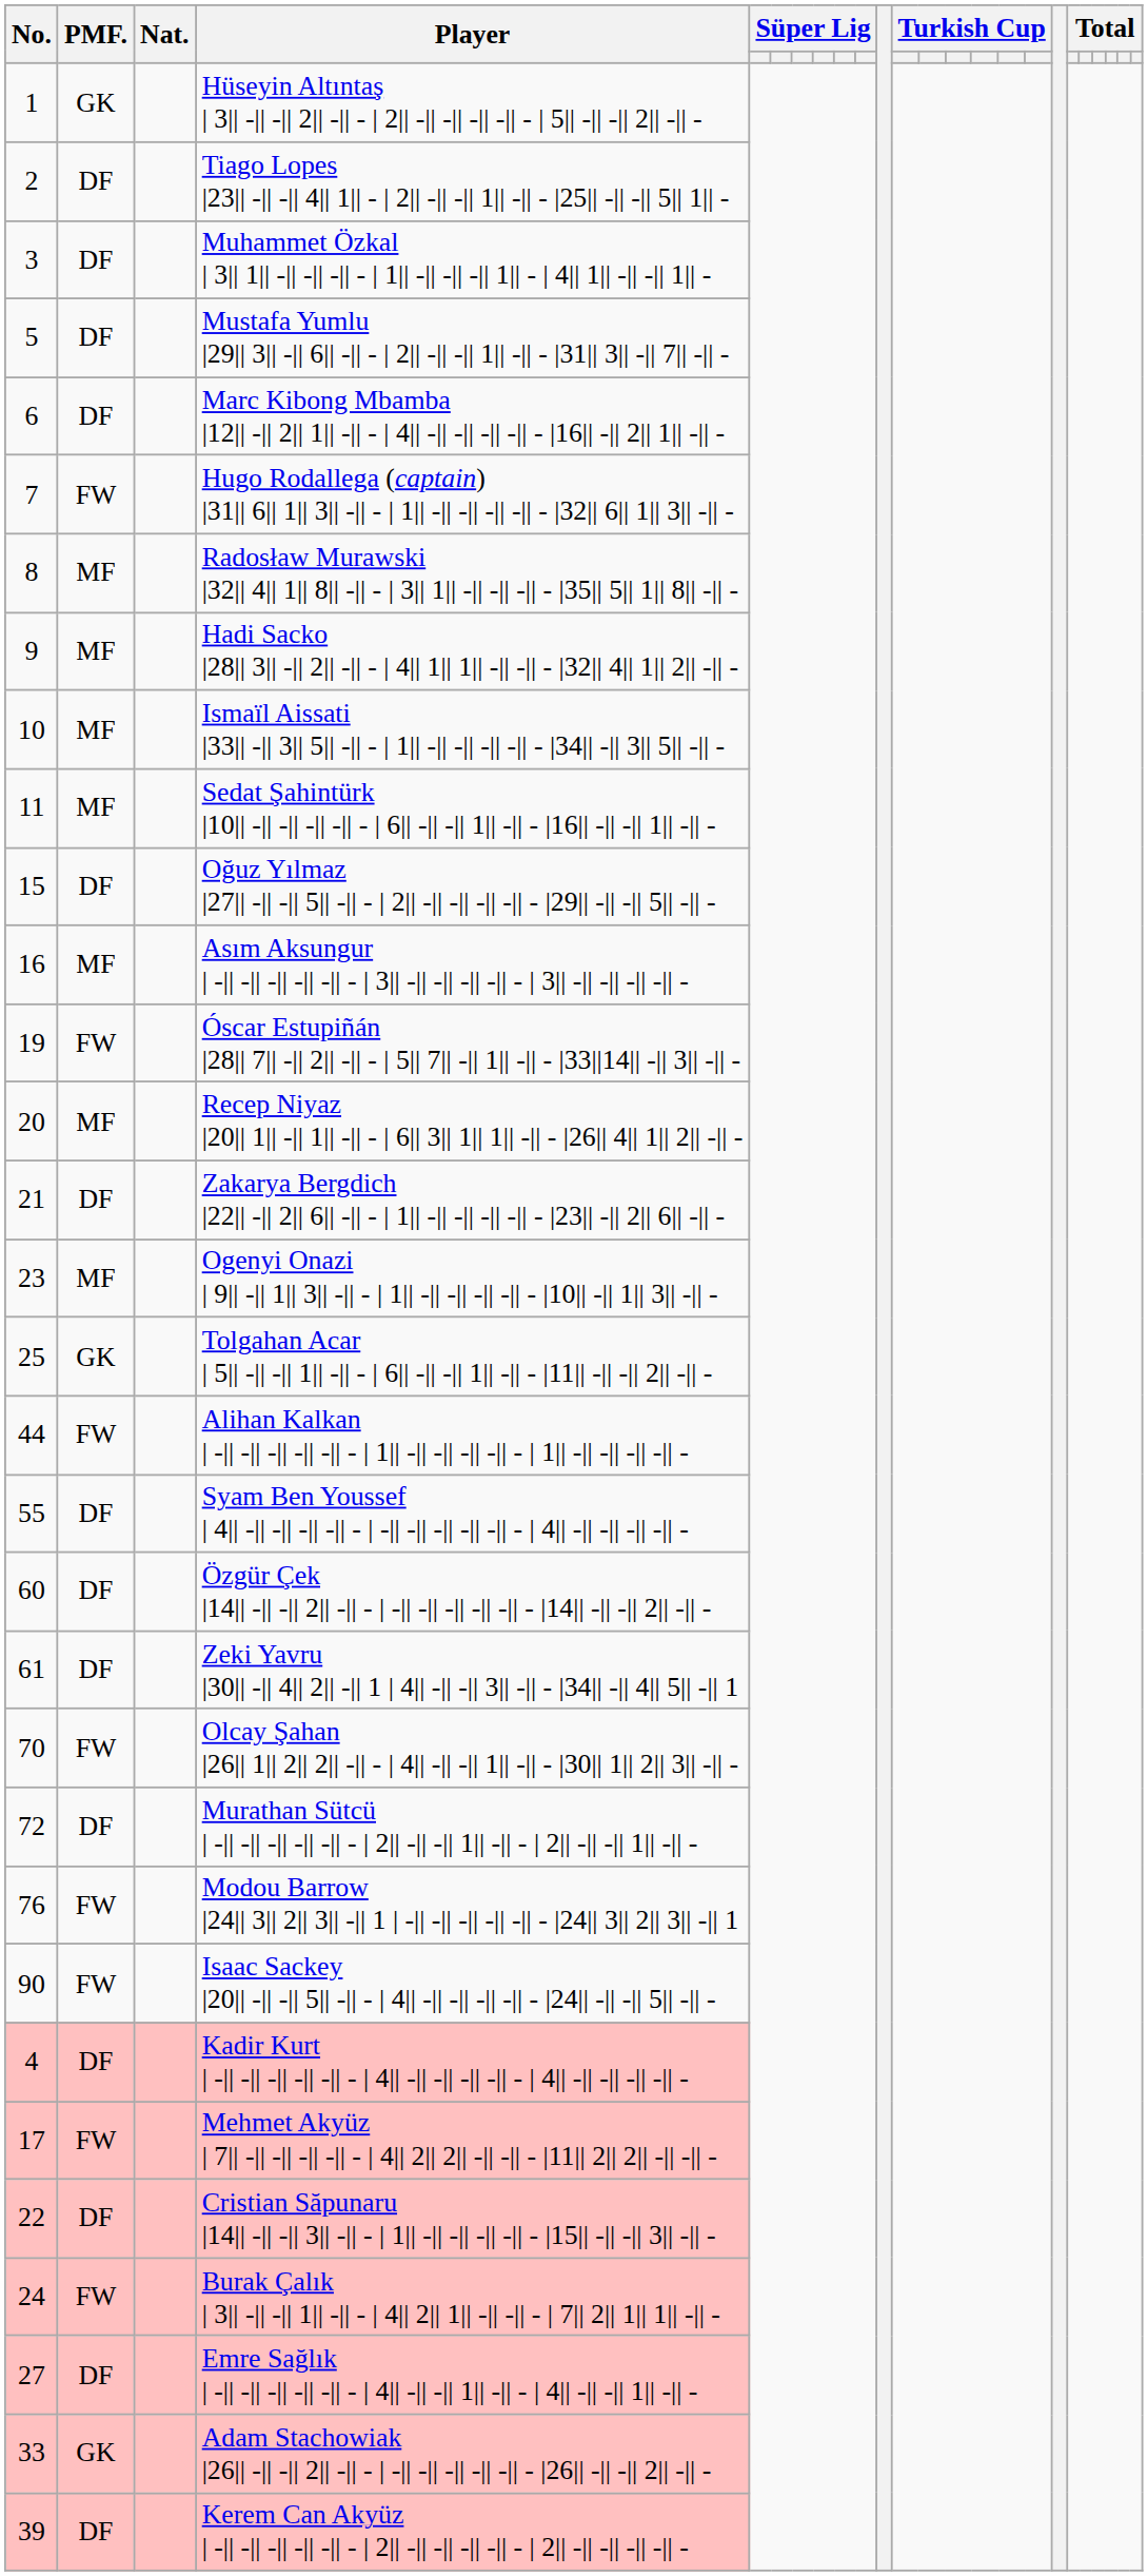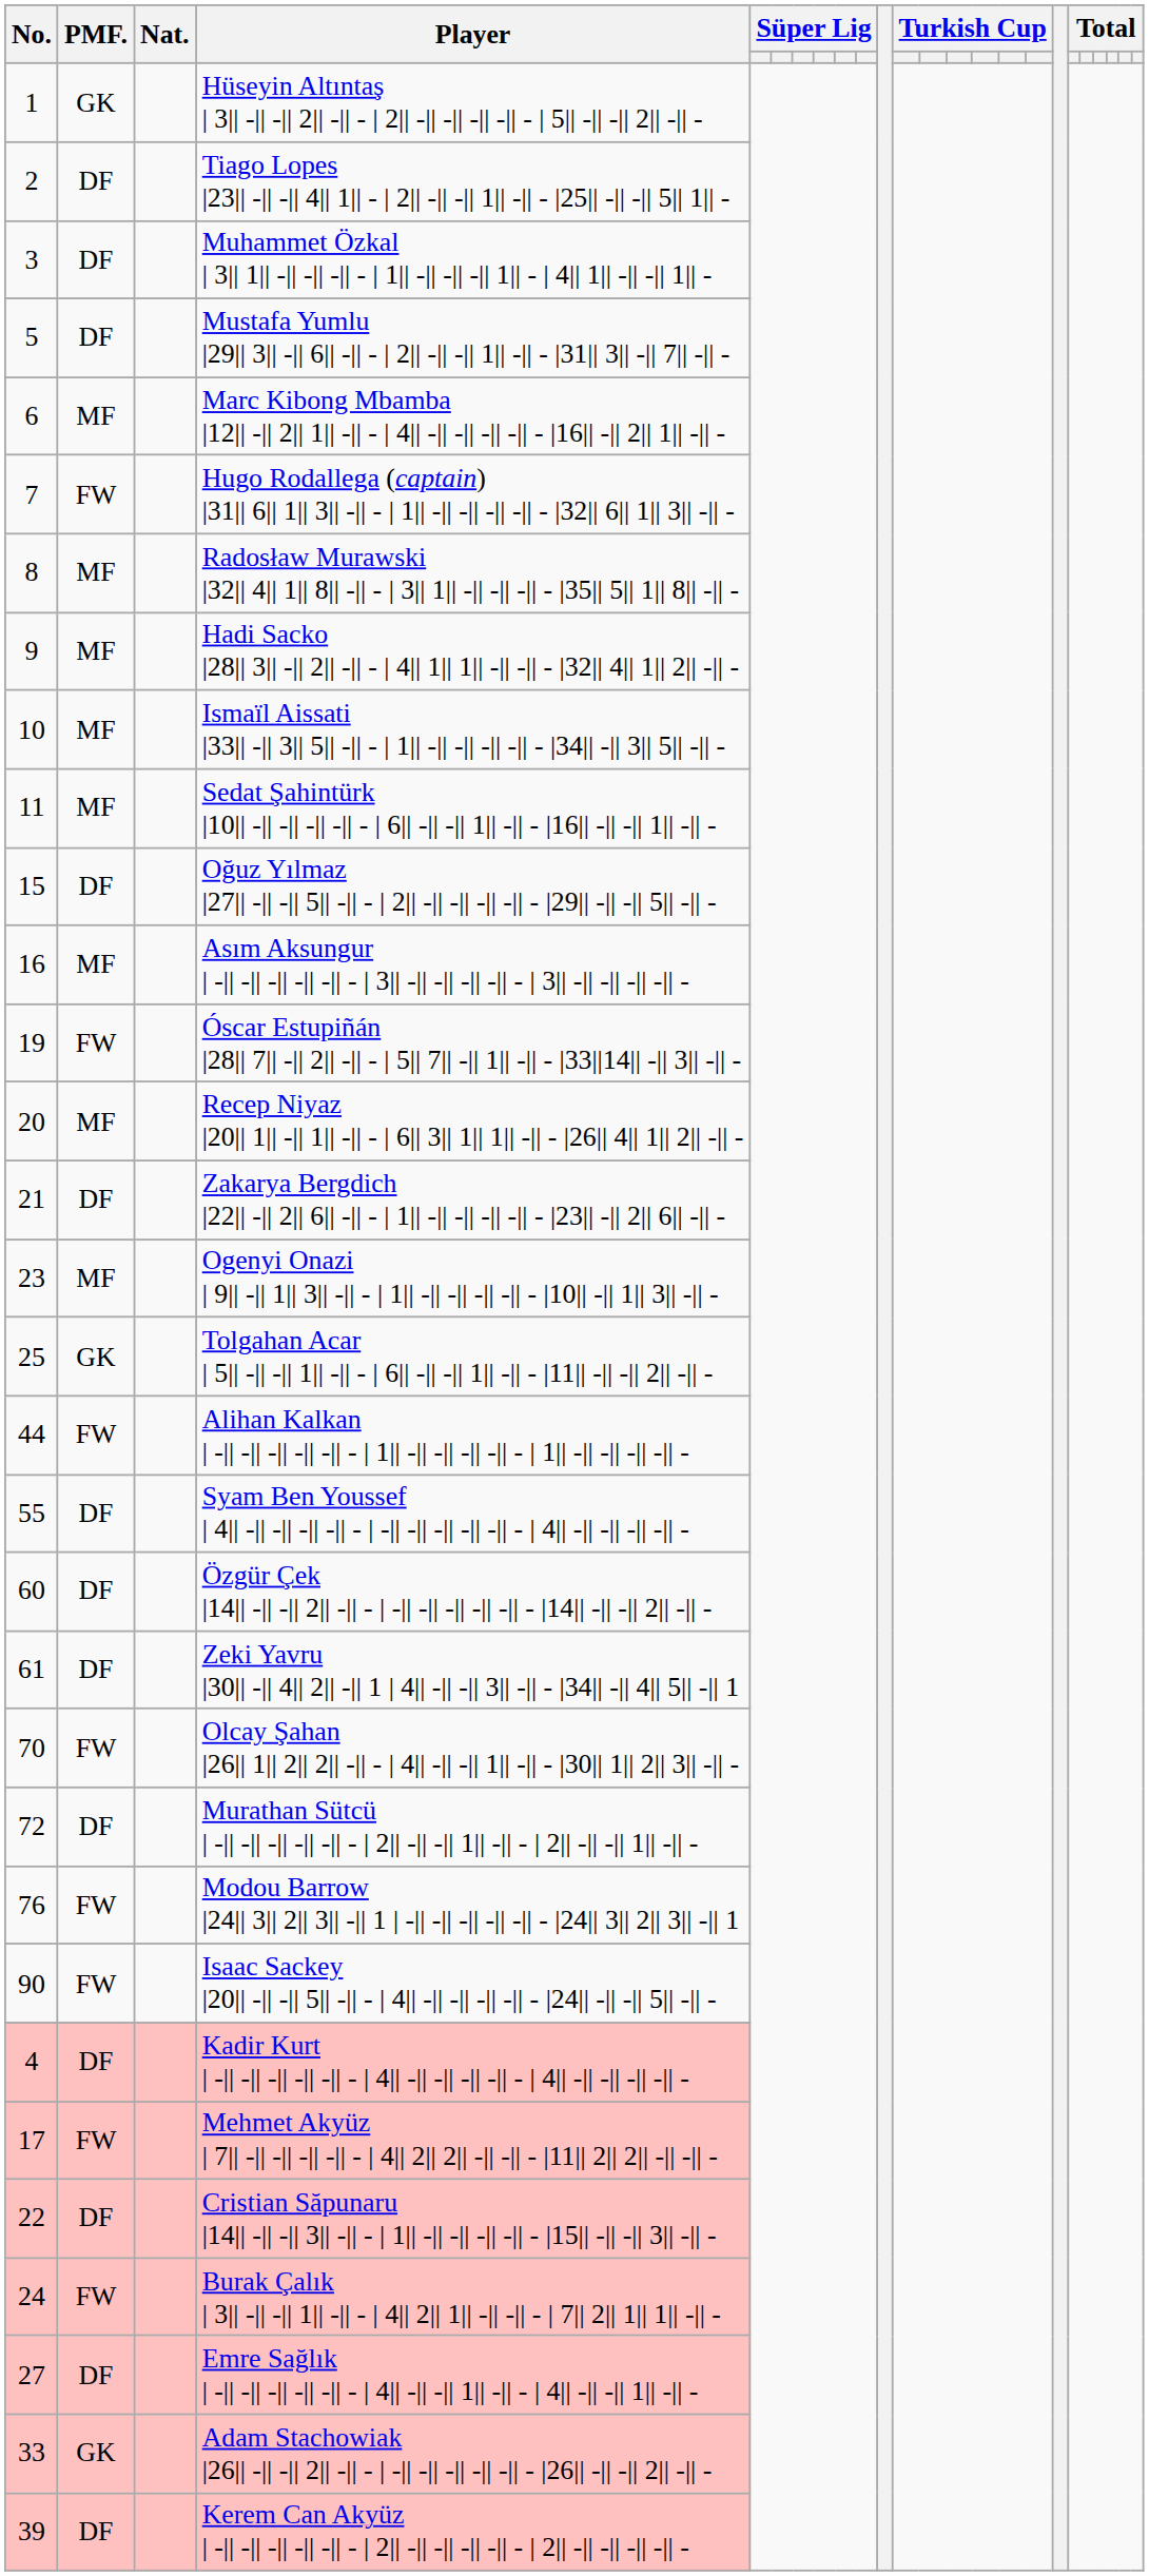 <table class="wikitable" style="text-align: center; font-size:88%;">
 <tr>
 <th rowspan="2">No.</th>
 <th rowspan="2">PMF.</th>
 <th rowspan="2">Nat.</th>
 <th rowspan="2">Player</th>
 <th colspan="6"><a href='#'>Süper Lig</a></th>
 <th rowspan="50" width="1"></th>
 <th colspan="6"><a href='#'>Turkish Cup</a></th>
 <th rowspan="50" width="1"></th>
 <th colspan="6">Total</th>
 </tr>
 <tr class="unsortable">
 <th></th>
 <th></th>
 <th></th>
 <th></th>
 <th></th>
 <th></th>
 <th></th>
 <th></th>
 <th></th>
 <th></th>
 <th></th>
 <th></th>
 <th></th>
 <th></th>
 <th></th>
 <th></th>
 <th></th>
 <th></th>
 </tr>
 <tr>
 <td>1</td>
 <td>GK</td>
 <td></td>
 <td align=left><a href='#'>Hüseyin Altıntaş</a><br>          | 3|| -|| -|| 2|| -|| -         | 2|| -|| -|| -|| -|| -               | 5|| -|| -|| 2|| -|| -</td>
 </tr>
 <tr>
 <td>2</td>
 <td>DF</td>
 <td></td>
 <td align=left><a href='#'>Tiago Lopes</a><br>          |23|| -|| -|| 4|| 1|| -         | 2|| -|| -|| 1|| -|| -               |25|| -|| -|| 5|| 1|| -</td>
 </tr>
 <tr>
 <td>3</td>
 <td>DF</td>
 <td></td>
 <td align=left><a href='#'>Muhammet Özkal</a><br>          | 3|| 1|| -|| -|| -|| -         | 1|| -|| -|| -|| 1|| -               | 4|| 1|| -|| -|| 1|| -</td>
 </tr>
 <tr>
 <td>5</td>
 <td>DF</td>
 <td></td>
 <td align=left><a href='#'>Mustafa Yumlu</a><br>          |29|| 3|| -|| 6|| -|| -         | 2|| -|| -|| 1|| -|| -               |31|| 3|| -|| 7|| -|| -</td>
 </tr>
 <tr>
 <td>6</td>
-<td>DF</td>
+<td>MF</td>
 <td></td>
 <td align=left><a href='#'>Marc Kibong Mbamba</a><br>          |12|| -|| 2|| 1|| -|| -         | 4|| -|| -|| -|| -|| -               |16|| -|| 2|| 1|| -|| -</td>
 </tr>
 <tr>
 <td>7</td>
 <td>FW</td>
 <td></td>
 <td align=left><a href='#'>Hugo Rodallega</a> (<em><a href='#'>captain</a></em>)<br>          |31|| 6|| 1|| 3|| -|| -         | 1|| -|| -|| -|| -|| -               |32|| 6|| 1|| 3|| -|| -</td>
 </tr>
 <tr>
 <td>8</td>
 <td>MF</td>
 <td></td>
 <td align=left><a href='#'>Radosław Murawski</a><br>          |32|| 4|| 1|| 8|| -|| -         | 3|| 1|| -|| -|| -|| -               |35|| 5|| 1|| 8|| -|| -</td>
 </tr>
 <tr>
 <td>9</td>
 <td>MF</td>
 <td></td>
 <td align=left><a href='#'>Hadi Sacko</a><br>          |28|| 3|| -|| 2|| -|| -         | 4|| 1|| 1|| -|| -|| -               |32|| 4|| 1|| 2|| -|| -</td>
 </tr>
 <tr>
 <td>10</td>
 <td>MF</td>
 <td></td>
 <td align=left><a href='#'>Ismaïl Aissati</a><br>          |33|| -|| 3|| 5|| -|| -         | 1|| -|| -|| -|| -|| -               |34|| -|| 3|| 5|| -|| -</td>
 </tr>
 <tr>
 <td>11</td>
 <td>MF</td>
 <td></td>
 <td align=left><a href='#'>Sedat Şahintürk</a><br>          |10|| -|| -|| -|| -|| -         | 6|| -|| -|| 1|| -|| -               |16|| -|| -|| 1|| -|| -</td>
 </tr>
 <tr>
 <td>15</td>
 <td>DF</td>
 <td></td>
 <td align=left><a href='#'>Oğuz Yılmaz</a><br>          |27|| -|| -|| 5|| -|| -         | 2|| -|| -|| -|| -|| -               |29|| -|| -|| 5|| -|| -</td>
 </tr>
 <tr>
 <td>16</td>
 <td>MF</td>
 <td></td>
 <td align=left><a href='#'>Asım Aksungur</a><br>          | -|| -|| -|| -|| -|| -         | 3|| -|| -|| -|| -|| -               | 3|| -|| -|| -|| -|| -</td>
 </tr>
 <tr>
 <td>19</td>
 <td>FW</td>
 <td></td>
 <td align=left><a href='#'>Óscar Estupiñán</a><br>          |28|| 7|| -|| 2|| -|| -         | 5|| 7|| -|| 1|| -|| -               |33||14|| -|| 3|| -|| -</td>
 </tr>
 <tr>
 <td>20</td>
 <td>MF</td>
 <td></td>
 <td align=left><a href='#'>Recep Niyaz</a><br>          |20|| 1|| -|| 1|| -|| -         | 6|| 3|| 1|| 1|| -|| -               |26|| 4|| 1|| 2|| -|| -</td>
 </tr>
 <tr>
 <td>21</td>
 <td>DF</td>
 <td></td>
 <td align=left><a href='#'>Zakarya Bergdich</a><br>          |22|| -|| 2|| 6|| -|| -         | 1|| -|| -|| -|| -|| -               |23|| -|| 2|| 6|| -|| -</td>
 </tr>
 <tr>
 <td>23</td>
 <td>MF</td>
 <td></td>
 <td align=left><a href='#'>Ogenyi Onazi</a><br>          | 9|| -|| 1|| 3|| -|| -         | 1|| -|| -|| -|| -|| -               |10|| -|| 1|| 3|| -|| -</td>
 </tr>
 <tr>
 <td>25</td>
 <td>GK</td>
 <td></td>
 <td align=left><a href='#'>Tolgahan Acar</a><br>          | 5|| -|| -|| 1|| -|| -         | 6|| -|| -|| 1|| -|| -               |11|| -|| -|| 2|| -|| -</td>
 </tr>
 <tr>
 <td>44</td>
 <td>FW</td>
 <td></td>
 <td align=left><a href='#'>Alihan Kalkan</a><br>          | -|| -|| -|| -|| -|| -         | 1|| -|| -|| -|| -|| -               | 1|| -|| -|| -|| -|| -</td>
 </tr>
 <tr>
 <td>55</td>
 <td>DF</td>
 <td></td>
 <td align=left><a href='#'>Syam Ben Youssef</a><br>          | 4|| -|| -|| -|| -|| -         | -|| -|| -|| -|| -|| -               | 4|| -|| -|| -|| -|| -</td>
 </tr>
 <tr>
 <td>60</td>
 <td>DF</td>
 <td></td>
 <td align=left><a href='#'>Özgür Çek</a><br>          |14|| -|| -|| 2|| -|| -         | -|| -|| -|| -|| -|| -               |14|| -|| -|| 2|| -|| -</td>
 </tr>
 <tr>
 <td>61</td>
 <td>DF</td>
 <td></td>
 <td align=left><a href='#'>Zeki Yavru</a><br>          |30|| -|| 4|| 2|| -|| 1         | 4|| -|| -|| 3|| -|| -               |34|| -|| 4|| 5|| -|| 1</td>
 </tr>
 <tr>
 <td>70</td>
 <td>FW</td>
 <td></td>
 <td align=left><a href='#'>Olcay Şahan</a><br>          |26|| 1|| 2|| 2|| -|| -         | 4|| -|| -|| 1|| -|| -               |30|| 1|| 2|| 3|| -|| -</td>
 </tr>
 <tr>
 <td>72</td>
 <td>DF</td>
 <td></td>
 <td align=left><a href='#'>Murathan Sütcü</a><br>          | -|| -|| -|| -|| -|| -         | 2|| -|| -|| 1|| -|| -               | 2|| -|| -|| 1|| -|| -</td>
 </tr>
 <tr>
 <td>76</td>
 <td>FW</td>
 <td></td>
 <td align=left><a href='#'>Modou Barrow</a><br>          |24|| 3|| 2|| 3|| -|| 1         | -|| -|| -|| -|| -|| -               |24|| 3|| 2|| 3|| -|| 1</td>
 </tr>
 <tr>
 <td>90</td>
 <td>FW</td>
 <td></td>
 <td align=left><a href='#'>Isaac Sackey</a><br>          |20|| -|| -|| 5|| -|| -         | 4|| -|| -|| -|| -|| -               |24|| -|| -|| 5|| -|| -</td>
 </tr>
 <tr bgcolor=#ffchch>
 <td>4</td>
 <td>DF</td>
 <td></td>
 <td align=left><a href='#'>Kadir Kurt</a><br>          | -|| -|| -|| -|| -|| -         | 4|| -|| -|| -|| -|| -               | 4|| -|| -|| -|| -|| -</td>
 </tr>
 <tr bgcolor=#ffchch>
 <td>17</td>
 <td>FW</td>
 <td></td>
 <td align=left><a href='#'>Mehmet Akyüz</a><br>          | 7|| -|| -|| -|| -|| -         | 4|| 2|| 2|| -|| -|| -               |11|| 2|| 2|| -|| -|| -</td>
 </tr>
 <tr bgcolor=#ffchch>
 <td>22</td>
 <td>DF</td>
 <td></td>
 <td align=left><a href='#'>Cristian Săpunaru</a><br>          |14|| -|| -|| 3|| -|| -         | 1|| -|| -|| -|| -|| -               |15|| -|| -|| 3|| -|| -</td>
 </tr>
 <tr bgcolor=#ffchch>
 <td>24</td>
 <td>FW</td>
 <td></td>
 <td align=left><a href='#'>Burak Çalık</a><br>          | 3|| -|| -|| 1|| -|| -         | 4|| 2|| 1|| -|| -|| -               | 7|| 2|| 1|| 1|| -|| -</td>
 </tr>
 <tr bgcolor=#ffchch>
 <td>27</td>
 <td>DF</td>
 <td></td>
 <td align=left><a href='#'>Emre Sağlık</a><br>          | -|| -|| -|| -|| -|| -         | 4|| -|| -|| 1|| -|| -               | 4|| -|| -|| 1|| -|| -</td>
 </tr>
 <tr bgcolor=#ffchch>
 <td>33</td>
 <td>GK</td>
 <td></td>
 <td align=left><a href='#'>Adam Stachowiak</a><br>          |26|| -|| -|| 2|| -|| -         | -|| -|| -|| -|| -|| -               |26|| -|| -|| 2|| -|| -</td>
 </tr>
 <tr bgcolor=#ffchch>
 <td>39</td>
 <td>DF</td>
 <td></td>
 <td align=left><a href='#'>Kerem Can Akyüz</a><br>          | -|| -|| -|| -|| -|| -         | 2|| -|| -|| -|| -|| -               | 2|| -|| -|| -|| -|| -</td>
 </tr>
 </table>
